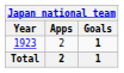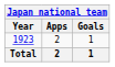 <table class="wikitable" style="text-align:center">
 <tr>
 <th colspan=3><a href='#'>Japan national team</a></th>
 </tr>
 <tr>
 <th>Year</th>
 <th>Apps</th>
 <th>Goals</th>
 </tr>
 <tr>
 <td><a href='#'>1923</a></td>
 <td>2</td>
-<td><strong>1</strong></td>
+<td>1</td>
 </tr>
 <tr>
 <th>Total</th>
 <th>2</th>
 <th>1</th>
 </tr>
 </table>
